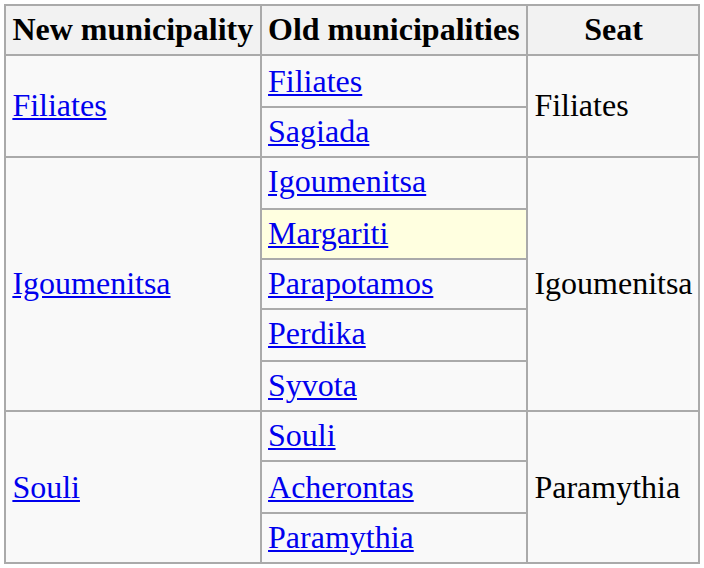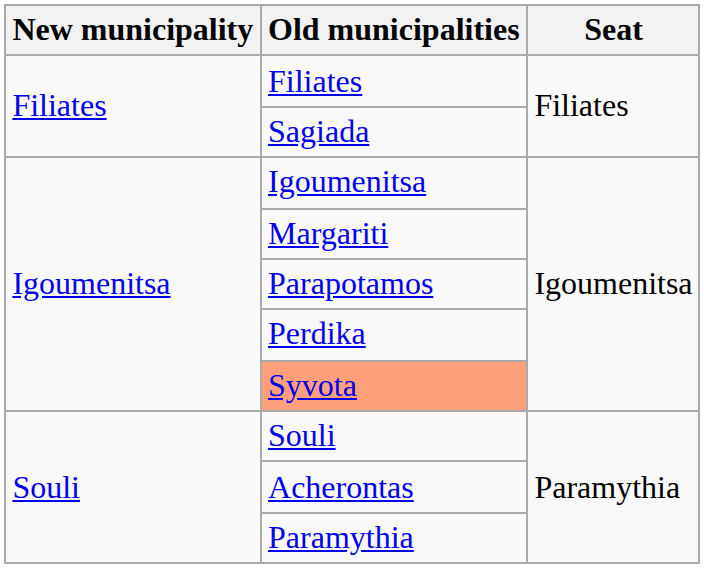 <table class="wikitable">
 <tr>
 <th>New municipality</th>
 <th>Old municipalities</th>
 <th>Seat</th>
 </tr>
 <tr>
 <td rowspan=2><a href='#'>Filiates</a></td>
 <td><a href='#'>Filiates</a></td>
 <td rowspan=2>Filiates</td>
 </tr>
 <tr>
 <td><a href='#'>Sagiada</a></td>
 </tr>
 <tr>
 <td rowspan=5><a href='#'>Igoumenitsa</a></td>
 <td><a href='#'>Igoumenitsa</a></td>
 <td rowspan=5>Igoumenitsa</td>
 </tr>
 <tr>
-<td style="background: lightyellow;"><a href='#'>Margariti</a></td>
+<td><a href='#'>Margariti</a></td>
 </tr>
 <tr>
 <td><a href='#'>Parapotamos</a></td>
 </tr>
 <tr>
 <td><a href='#'>Perdika</a></td>
 </tr>
 <tr>
-<td><a href='#'>Syvota</a></td>
+<td style="background: lightsalmon;"><a href='#'>Syvota</a></td>
 </tr>
 <tr>
 <td rowspan=3><a href='#'>Souli</a></td>
 <td><a href='#'>Souli</a></td>
 <td rowspan=3>Paramythia</td>
 </tr>
 <tr>
 <td><a href='#'>Acherontas</a></td>
 </tr>
 <tr>
 <td><a href='#'>Paramythia</a></td>
 </tr>
 </table>
